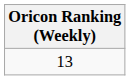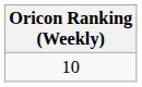 <table class="wikitable">
 <tr>
 <th>Oricon Ranking<br>(Weekly)</th>
 </tr>
 <tr>
-<td align="center">13</td>
+<td align="center">10</td>
 </tr>
 </table>
